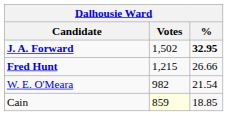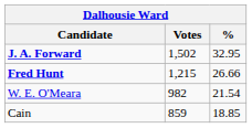 <table class="wikitable">
 <tr>
 <th colspan="3"><a href='#'>Dalhousie Ward</a></th>
 </tr>
 <tr>
 <th style="width: 200px">Candidate</th>
 <th style="width: 50px">Votes</th>
 <th style="width: 40px">%</th>
 </tr>
 <tr>
 <td><strong><a href='#'>J. A. Forward</a></strong></td>
 <td>1,502</td>
-<td><strong>32.95</strong></td>
+<td>32.95</td>
 </tr>
 <tr>
 <td><strong><a href='#'>Fred Hunt</a></strong></td>
 <td>1,215</td>
 <td>26.66</td>
 </tr>
 <tr>
 <td><a href='#'>W. E. O'Meara</a></td>
 <td>982</td>
 <td>21.54</td>
 </tr>
 <tr>
 <td>Cain</td>
-<td style="background: lightyellow;">859</td>
+<td>859</td>
 <td>18.85</td>
 </tr>
 </table>
